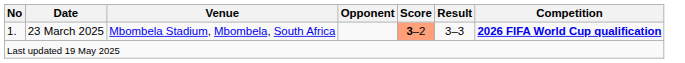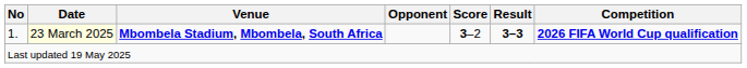 <table class="wikitable" style="font-size:85%;">
 <tr>
 <th>No</th>
 <th>Date</th>
 <th>Venue</th>
 <th>Opponent</th>
 <th>Score</th>
 <th>Result</th>
 <th>Competition</th>
 </tr>
 <tr>
 <td>1.</td>
-<td>23 March 2025</td>
-<td><a href='#'>Mbombela Stadium</a>, <a href='#'>Mbombela</a>, <a href='#'>South Africa</a></td>
+<td style="background: lightyellow;">23 March 2025</td>
+<td><strong><a href='#'>Mbombela Stadium</a>, <a href='#'>Mbombela</a>, <a href='#'>South Africa</a></strong></td>
 <td></td>
-<td align=center style="background: lightsalmon;"><strong>3</strong>–2</td>
-<td align=center>3–3</td>
+<td align=center><strong>3</strong>–2</td>
+<td align=center><strong>3–3</strong></td>
 <td><strong><a href='#'>2026 FIFA World Cup qualification</a></strong></td>
 </tr>
 <tr>
 <td colspan="7"><small>Last updated 19 May 2025</small></td>
 </tr>
 </table>
